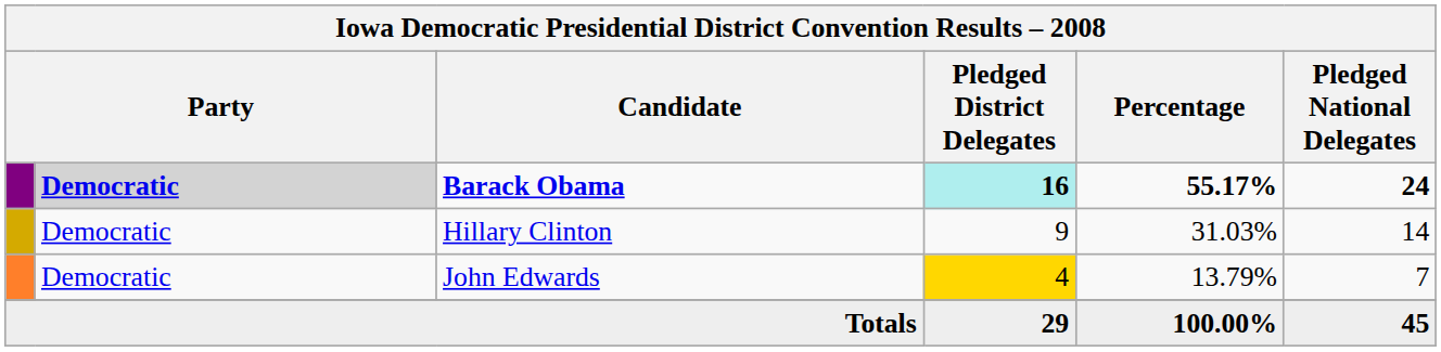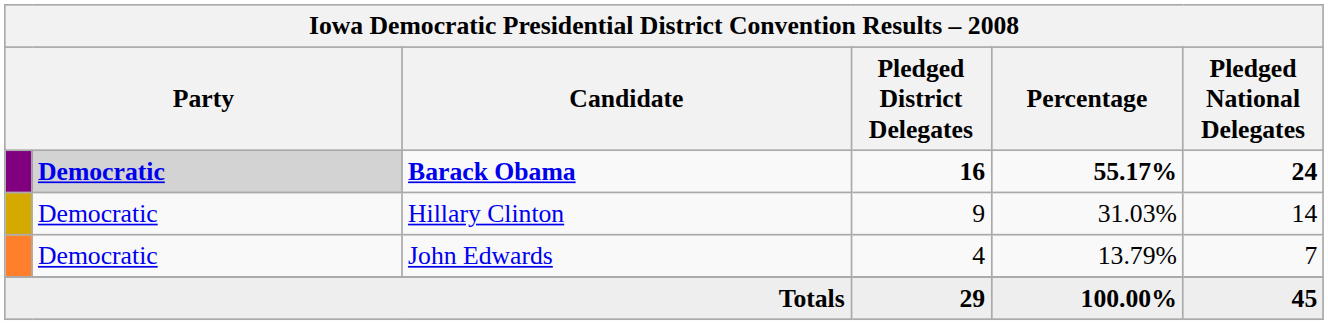 <table class="wikitable" style="font-size:95%;">
 <tr>
 <th colspan="7">Iowa Democratic Presidential District Convention Results – 2008</th>
 </tr>
 <tr>
 <th colspan="2" style="width: 15em">Party</th>
 <th style="width: 17em">Candidate</th>
 <th style="width: 5em">Pledged District Delegates<br></th>
 <th style="width: 7em">Percentage</th>
 <th style="width: 5em">Pledged National Delegates<br></th>
 </tr>
 <tr>
 <th style="background-color:#800080; width: 3px"></th>
 <td style="background: lightgrey; width: 130px"><strong><a href='#'>Democratic</a></strong></td>
 <td><strong><a href='#'>Barack Obama</a></strong></td>
-<td align="right" style="background: paleturquoise;"><strong>16</strong></td>
+<td align="right"><strong>16</strong></td>
 <td align="right"><strong>55.17%</strong></td>
 <td align="right"><strong>24</strong></td>
 </tr>
 <tr>
 <th style="background-color:#d4aa00; width: 3px"></th>
 <td style="width: 130px"><a href='#'>Democratic</a></td>
 <td><a href='#'>Hillary Clinton</a></td>
 <td align="right">9</td>
 <td align="right">31.03%</td>
 <td align="right">14</td>
 </tr>
 <tr>
 <th style="background-color:#ff7f2a; width: 3px"></th>
 <td style="width: 130px"><a href='#'>Democratic</a></td>
 <td><a href='#'>John Edwards</a></td>
-<td align="right" style="background: gold;">4</td>
+<td align="right">4</td>
 <td align="right">13.79%</td>
 <td align="right">7</td>
 </tr>
 <tr>
 </tr>
 <tr bgcolor="#EEEEEE">
 <td colspan="3" align="right"><strong>Totals</strong></td>
 <td align="right"><strong>29</strong></td>
 <td align="right"><strong>100.00%</strong></td>
 <td align="right"><strong>45</strong></td>
 </tr>
 </table>
